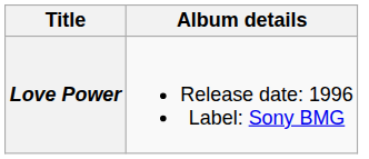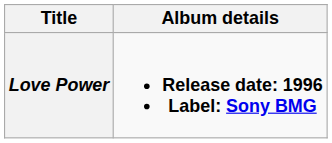 <table class="wikitable plainrowheaders" style="text-align:center;">
 <tr>
 <th>Title</th>
 <th>Album details</th>
 </tr>
 <tr>
 <th scope="row"><em>Love Power</em></th>
-<td><br><ul><li>Release date: 1996</li><li>Label: <a href='#'>Sony BMG</a></li></ul></td>
+<td><strong><br><ul><li>Release date: 1996</li><li>Label: <a href='#'>Sony BMG</a></li></ul></strong></td>
 </tr>
 </table>
